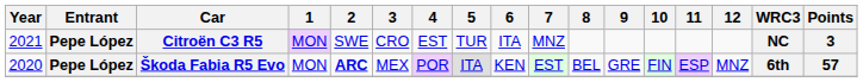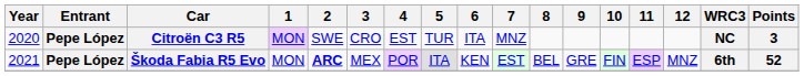 <table class="wikitable" border="1" style="text-align:center; font-size:90%;">
 <tr>
 <th>Year</th>
 <th>Entrant</th>
 <th>Car</th>
 <th>1</th>
 <th>2</th>
 <th>3</th>
 <th>4</th>
 <th>5</th>
 <th>6</th>
 <th>7</th>
 <th>8</th>
 <th>9</th>
 <th>10</th>
 <th>11</th>
 <th>12</th>
 <th>WRC3</th>
 <th>Points</th>
 </tr>
 <tr>
-<td><a href='#'>2021</a></td>
+<td><a href='#'>2020</a></td>
 <th>Pepe López</th>
 <th><a href='#'>Citroën C3 R5</a></th>
 <td style="background:#EFCFFF"><a href='#'>MON</a><br></td>
 <td><a href='#'>SWE</a></td>
 <td><a href='#'>CRO</a></td>
 <td><a href='#'>EST</a></td>
 <td><a href='#'>TUR</a></td>
 <td><a href='#'>ITA</a></td>
 <td><a href='#'>MNZ</a></td>
 <td></td>
 <td></td>
 <td></td>
 <td></td>
 <td></td>
 <th>NC</th>
 <th>3</th>
 </tr>
 <tr>
-<td><a href='#'>2020</a></td>
+<td><a href='#'>2021</a></td>
 <th>Pepe López</th>
 <th><a href='#'>Škoda Fabia R5 Evo</a></th>
 <td><a href='#'>MON</a></td>
 <td><strong><a href='#'>ARC</a></strong></td>
 <td><a href='#'>MEX</a></td>
 <td style="background:#EFCFFF"><a href='#'>POR</a><br></td>
 <td style="background:#DFDFDF"><a href='#'>ITA</a><br></td>
 <td><a href='#'>KEN</a></td>
 <td style="background:#DFFFDF"><a href='#'>EST</a><br></td>
 <td><a href='#'>BEL</a><br></td>
 <td><a href='#'>GRE</a></td>
 <td style="background:#DFFFDF"><a href='#'>FIN</a><br></td>
 <td style="background:#EFCFFF"><a href='#'>ESP</a><br></td>
 <td><a href='#'>MNZ</a></td>
 <th>6th</th>
-<th>57</th>
+<th>52</th>
 </tr>
 <tr>
 </tr>
 </table>
